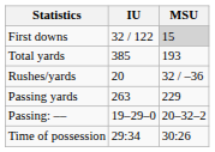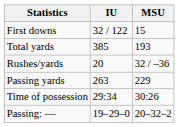 <table class="wikitable" style="float:left">
 <tr>
 <th>Statistics</th>
 <th>IU</th>
 <th>MSU</th>
 </tr>
 <tr>
 <td>First downs</td>
 <td>32 / 122</td>
-<td style="background: lightgrey;">15</td>
+<td>15</td>
 </tr>
 <tr>
 <td>Total yards</td>
 <td>385</td>
 <td>193</td>
 </tr>
 <tr>
 <td>Rushes/yards</td>
 <td>20</td>
 <td>32 / –36</td>
 </tr>
 <tr>
 <td>Passing yards</td>
 <td>263</td>
 <td>229</td>
 </tr>
 <tr>
+<td>Time of possession</td>
+<td>29:34</td>
+<td>30:26</td>
+</tr>
+<tr>
 <td>Passing: ––</td>
 <td>19–29–0</td>
 <td>20–32–2</td>
 </tr>
-<tr>
-<td>Time of possession</td>
-<td>29:34</td>
-<td>30:26</td>
-</tr>
 </table>
